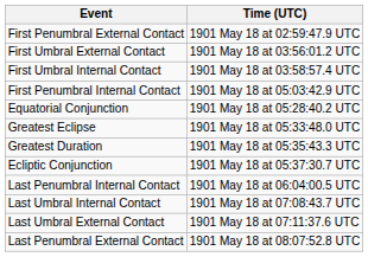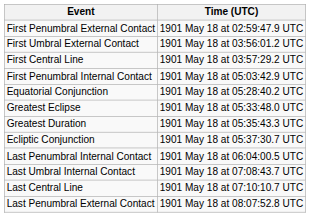 <table class="wikitable">
 <tr>
 <th>Event</th>
 <th>Time (UTC)</th>
 </tr>
 <tr>
 <td>First Penumbral External Contact</td>
 <td>1901 May 18 at 02:59:47.9 UTC</td>
 </tr>
 <tr>
 <td>First Umbral External Contact</td>
 <td>1901 May 18 at 03:56:01.2 UTC</td>
 </tr>
 <tr>
-<td>First Umbral Internal Contact</td>
-<td>1901 May 18 at 03:58:57.4 UTC</td>
+<td>First Central Line</td>
+<td>1901 May 18 at 03:57:29.2 UTC</td>
 </tr>
 <tr>
 <td>First Penumbral Internal Contact</td>
 <td>1901 May 18 at 05:03:42.9 UTC</td>
 </tr>
 <tr>
 <td>Equatorial Conjunction</td>
 <td>1901 May 18 at 05:28:40.2 UTC</td>
 </tr>
 <tr>
 <td>Greatest Eclipse</td>
 <td>1901 May 18 at 05:33:48.0 UTC</td>
 </tr>
 <tr>
 <td>Greatest Duration</td>
 <td>1901 May 18 at 05:35:43.3 UTC</td>
 </tr>
 <tr>
 <td>Ecliptic Conjunction</td>
 <td>1901 May 18 at 05:37:30.7 UTC</td>
 </tr>
 <tr>
 <td>Last Penumbral Internal Contact</td>
 <td>1901 May 18 at 06:04:00.5 UTC</td>
 </tr>
 <tr>
 <td>Last Umbral Internal Contact</td>
 <td>1901 May 18 at 07:08:43.7 UTC</td>
 </tr>
 <tr>
-<td>Last Umbral External Contact</td>
-<td>1901 May 18 at 07:11:37.6 UTC</td>
+<td>Last Central Line</td>
+<td>1901 May 18 at 07:10:10.7 UTC</td>
 </tr>
 <tr>
 <td>Last Penumbral External Contact</td>
 <td>1901 May 18 at 08:07:52.8 UTC</td>
 </tr>
 </table>
